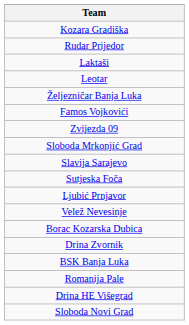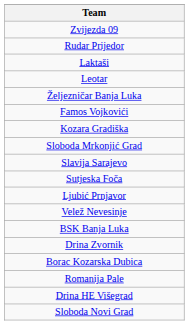 <table class="wikitable sortable" style="margin-top:0; text-align:center; font-size:90%;">
 <tr>
 </tr>
 <tr class="hintergrundfarbe5">
 <th width="250px">Team</th>
 </tr>
 <tr>
-<td><a href='#'>Kozara Gradiška</a></td>
+<td><a href='#'>Zvijezda 09</a></td>
 </tr>
 <tr>
 <td><a href='#'>Rudar Prijedor</a></td>
 </tr>
 <tr>
 <td><a href='#'>Laktaši</a></td>
 </tr>
 <tr>
 <td><a href='#'>Leotar</a></td>
 </tr>
 <tr>
 <td><a href='#'>Željezničar Banja Luka</a></td>
 </tr>
 <tr>
 <td><a href='#'>Famos Vojkovići</a></td>
 </tr>
 <tr>
-<td><a href='#'>Zvijezda 09</a></td>
+<td><a href='#'>Kozara Gradiška</a></td>
 </tr>
 <tr>
 <td><a href='#'>Sloboda Mrkonjić Grad</a></td>
 </tr>
 <tr>
 <td><a href='#'>Slavija Sarajevo</a></td>
 </tr>
 <tr>
 <td><a href='#'>Sutjeska Foča</a></td>
 </tr>
 <tr>
 <td><a href='#'>Ljubić Prnjavor</a></td>
 </tr>
 <tr>
 <td><a href='#'>Velež Nevesinje</a></td>
 </tr>
 <tr>
-<td><a href='#'>Borac Kozarska Dubica</a></td>
+<td><a href='#'>BSK Banja Luka</a></td>
 </tr>
 <tr>
 <td><a href='#'>Drina Zvornik</a></td>
 </tr>
 <tr>
-<td><a href='#'>BSK Banja Luka</a></td>
+<td><a href='#'>Borac Kozarska Dubica</a></td>
 </tr>
 <tr>
 <td><a href='#'>Romanija Pale</a></td>
 </tr>
 <tr>
 <td><a href='#'>Drina HE Višegrad</a></td>
 </tr>
 <tr>
 <td><a href='#'>Sloboda Novi Grad</a></td>
 </tr>
 </table>
